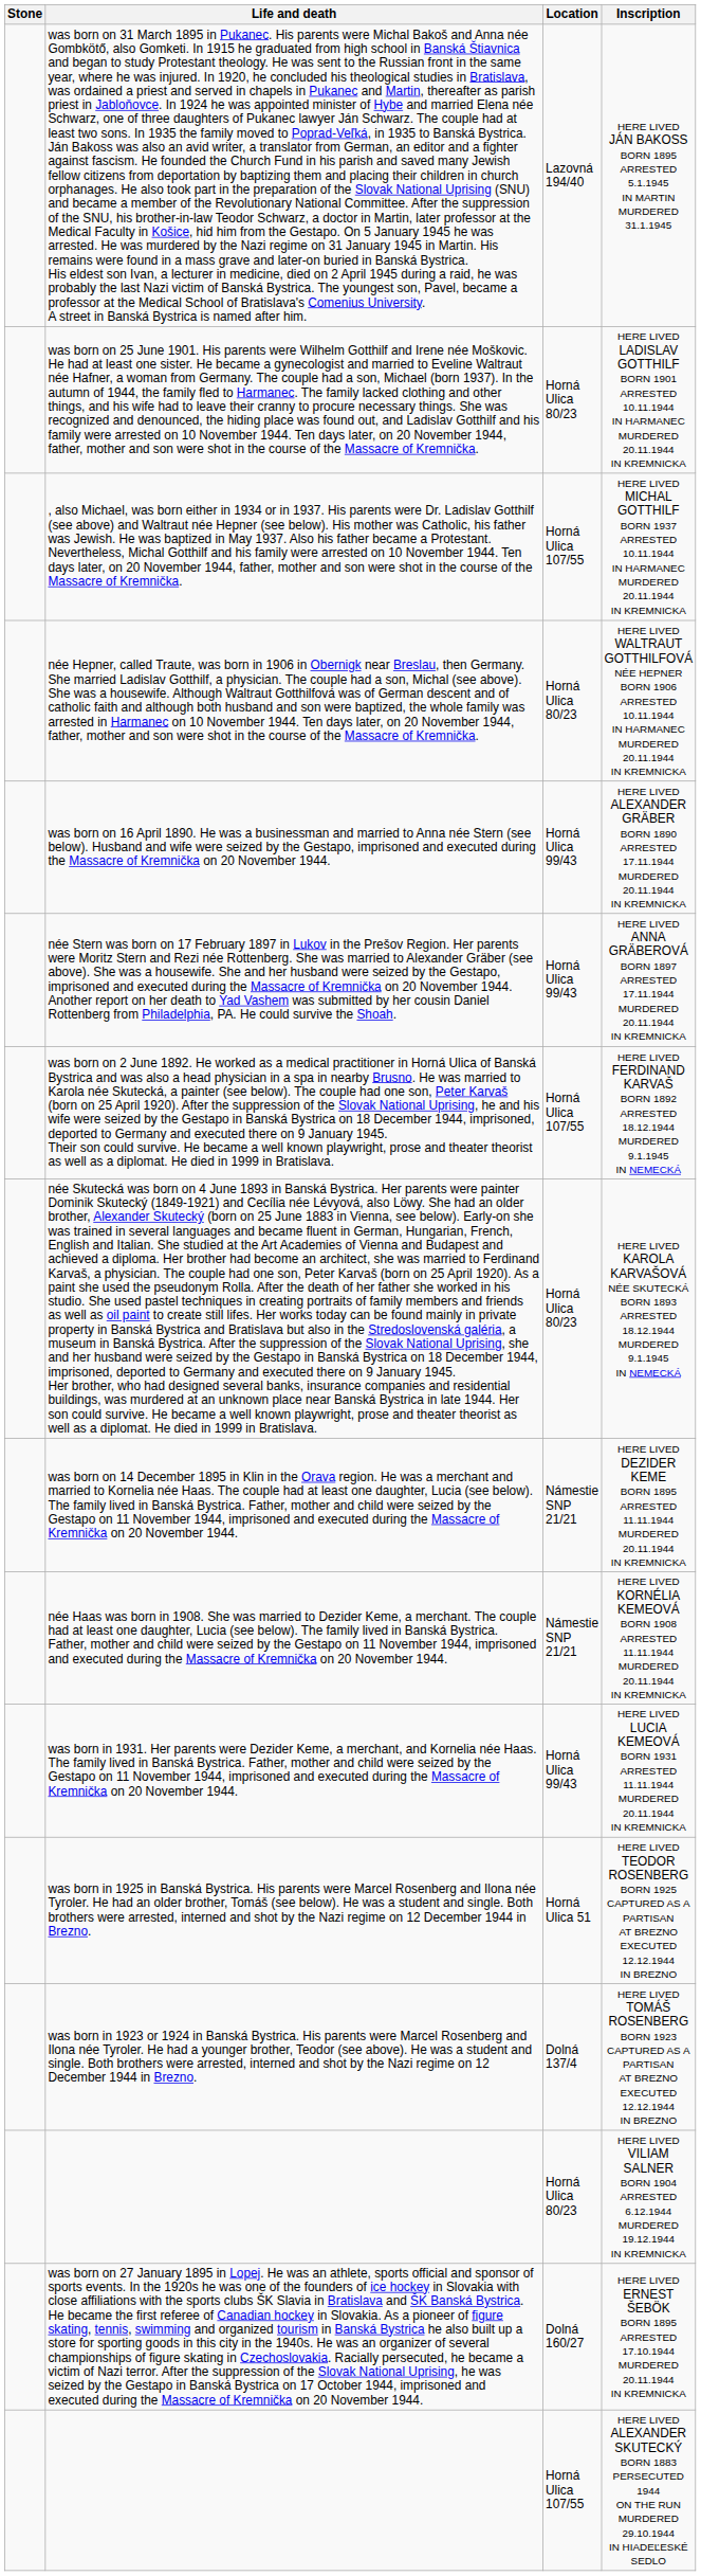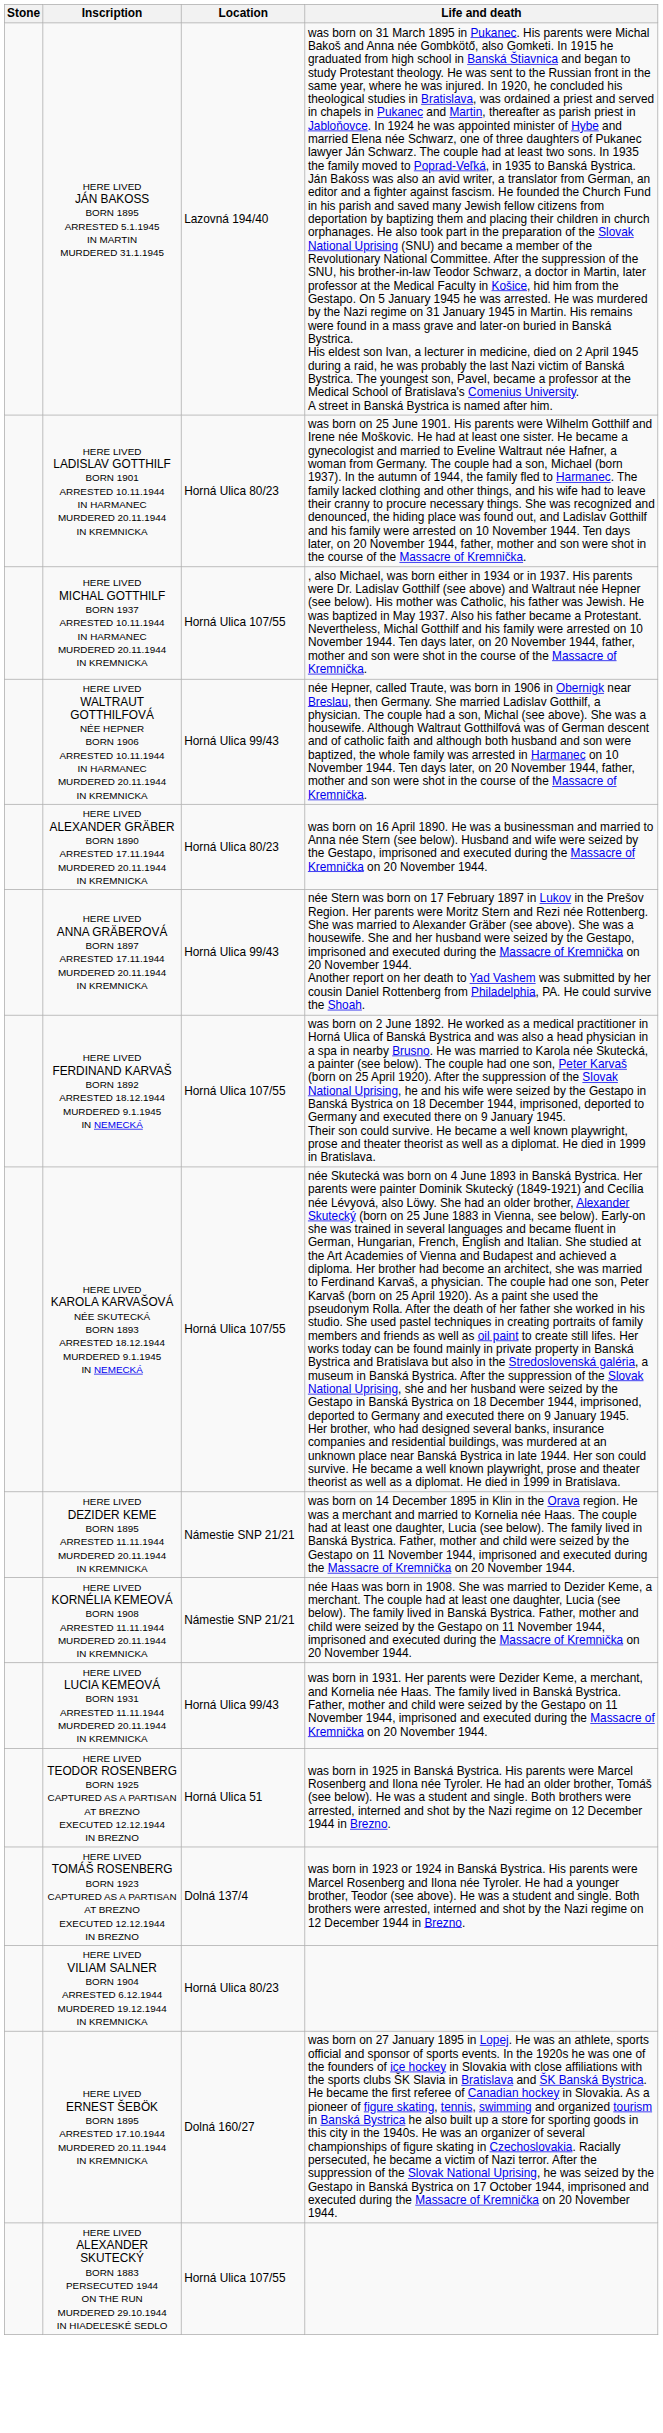 <table class="wikitable sortable toptextcells" style="width:100%">
 <tr>
 <th class="hintergrundfarbe6 unsortable" width="120px">Stone</th>
+<th class="hintergrundfarbe6 unsortable" style ="width:22%;">Inscription</th>
+<th class="hintergrundfarbe6" data-sort-type="text" style ="width:20%;">Location</th>
 <th class="hintergrundfarbe6" style="width:100%;">Life and death</th>
-<th class="hintergrundfarbe6" data-sort-type="text" style ="width:20%;">Location</th>
-<th class="hintergrundfarbe6 unsortable" style ="width:22%;">Inscription</th>
 </tr>
 <tr>
 <td></td>
+<td style="text-align:center"><div><small>HERE LIVED</small><br>JÁN BAKOSS<br><small>BORN 1895<br>ARRESTED 5.1.1945<br>IN  MARTIN<br>MURDERED 31.1.1945</small></div></td>
+<td>Lazovná 194/40</td>
 <td><strong></strong> was born on 31 March 1895 in <a href='#'>Pukanec</a>. His parents were Michal Bakoš and Anna née Gombkötő, also Gomketi. In 1915 he graduated from high school in <a href='#'>Banská Štiavnica</a> and began to study Protestant theology. He was sent to the Russian front in the same year, where he was injured. In 1920, he concluded his theological studies in <a href='#'>Bratislava</a>, was ordained a priest and served in chapels in <a href='#'>Pukanec</a> and <a href='#'>Martin</a>, thereafter as parish priest in <a href='#'>Jabloňovce</a>. In 1924 he was appointed minister of <a href='#'>Hybe</a> and married Elena née Schwarz, one of three daughters of Pukanec lawyer Ján Schwarz. The couple had at least two sons. In 1935 the family moved to <a href='#'>Poprad-Veľká</a>, in 1935 to Banská Bystrica. Ján Bakoss was also an avid writer, a translator from German, an editor and a fighter against fascism. He founded the Church Fund in his parish and saved many Jewish fellow citizens from deportation by baptizing them and placing their children in church orphanages. He also took part in the preparation of the <a href='#'>Slovak National Uprising</a> (SNU) and became a member of the Revolutionary National Committee. After the suppression of the SNU, his brother-in-law Teodor Schwarz, a doctor in Martin, later professor at the Medical Faculty in <a href='#'>Košice</a>, hid him from the Gestapo. On 5 January 1945 he was arrested. He was murdered by the Nazi regime on 31 January 1945 in Martin. His remains were found in a mass grave and later-on buried in Banská Bystrica.<br>His eldest son Ivan, a lecturer in medicine, died on 2 April 1945 during a raid, he was probably the last Nazi victim of Banská Bystrica. The youngest son, Pavel, became a professor at the Medical School of Bratislava's <a href='#'>Comenius University</a>.<br>A street in Banská Bystrica is named after him.</td>
-<td>Lazovná 194/40</td>
-<td style="text-align:center"><div><small>HERE LIVED</small><br>JÁN BAKOSS<br><small>BORN 1895<br>ARRESTED 5.1.1945<br>IN  MARTIN<br>MURDERED 31.1.1945</small></div></td>
 </tr>
 <tr>
 <td></td>
+<td style="text-align:center"><div><small>HERE LIVED</small><br>LADISLAV GOTTHILF<br><small>BORN 1901<br>ARRESTED 10.11.1944<br>IN HARMANEC<br>MURDERED 20.11.1944<br>IN KREMNICKA</small></div></td>
+<td>Horná Ulica 80/23</td>
 <td><strong></strong> was born on 25 June 1901. His parents were Wilhelm Gotthilf and Irene née Moškovic. He had at least one sister. He became a gynecologist and married to Eveline Waltraut née Hafner, a woman from Germany. The couple had a son, Michael (born 1937). In the autumn of 1944, the family fled to <a href='#'>Harmanec</a>. The family lacked clothing and other things, and his wife had to leave their cranny to procure necessary things. She was recognized and denounced, the hiding place was found out, and Ladislav Gotthilf and his family were arrested on 10 November 1944. Ten days later, on 20 November 1944, father, mother and son were shot in the course of the <a href='#'>Massacre of Kremnička</a>.</td>
-<td>Horná Ulica 80/23</td>
-<td style="text-align:center"><div><small>HERE LIVED</small><br>LADISLAV GOTTHILF<br><small>BORN 1901<br>ARRESTED 10.11.1944<br>IN HARMANEC<br>MURDERED 20.11.1944<br>IN KREMNICKA</small></div></td>
 </tr>
 <tr>
 <td></td>
+<td style="text-align:center"><div><small>HERE LIVED</small><br>MICHAL GOTTHILF<br><small>BORN 1937<br>ARRESTED 10.11.1944<br>IN HARMANEC<br>MURDERED 20.11.1944<br>IN KREMNICKA</small></div></td>
+<td>Horná Ulica 107/55</td>
 <td><strong></strong>, also Michael, was born either in 1934 or in 1937. His parents were Dr. Ladislav Gotthilf (see above) and Waltraut née Hepner (see below). His mother was Catholic, his father was Jewish. He was baptized in May 1937. Also his father became a Protestant. Nevertheless, Michal Gotthilf and his family were arrested on 10 November 1944. Ten days later, on 20 November 1944, father, mother and son were shot in the course of the <a href='#'>Massacre of Kremnička</a>.</td>
-<td>Horná Ulica 107/55</td>
-<td style="text-align:center"><div><small>HERE LIVED</small><br>MICHAL GOTTHILF<br><small>BORN 1937<br>ARRESTED 10.11.1944<br>IN HARMANEC<br>MURDERED 20.11.1944<br>IN KREMNICKA</small></div></td>
 </tr>
 <tr>
 <td></td>
+<td style="text-align:center"><div><small>HERE LIVED</small><br>WALTRAUT<br>GOTTHILFOVÁ<br><small>NÉE HEPNER<br>BORN 1906<br>ARRESTED 10.11.1944<br>IN HARMANEC<br>MURDERED 20.11.1944<br>IN KREMNICKA</small></div></td>
+<td>Horná Ulica 99/43</td>
 <td><strong></strong> née Hepner, called Traute, was born in 1906 in <a href='#'>Obernigk</a> near <a href='#'>Breslau</a>, then Germany. She married Ladislav Gotthilf, a physician. The couple had a son, Michal (see above). She was a housewife. Although Waltraut Gotthilfová was of German descent and of catholic faith and although both husband and son were baptized, the whole family was arrested in <a href='#'>Harmanec</a> on 10 November 1944. Ten days later, on 20 November 1944, father, mother and son were shot in the course of the <a href='#'>Massacre of Kremnička</a>.</td>
-<td>Horná Ulica 80/23</td>
-<td style="text-align:center"><div><small>HERE LIVED</small><br>WALTRAUT<br>GOTTHILFOVÁ<br><small>NÉE HEPNER<br>BORN 1906<br>ARRESTED 10.11.1944<br>IN HARMANEC<br>MURDERED 20.11.1944<br>IN KREMNICKA</small></div></td>
 </tr>
 <tr>
 <td></td>
+<td style="text-align:center"><div><small>HERE LIVED</small><br>ALEXANDER GRÄBER<br><small>BORN 1890<br>ARRESTED 17.11.1944<br>MURDERED 20.11.1944<br>IN KREMNICKA</small></div></td>
+<td>Horná Ulica 80/23</td>
 <td><strong></strong> was born on 16 April 1890. He was a businessman and married to Anna née Stern (see below). Husband and wife were seized by the Gestapo, imprisoned and executed during the <a href='#'>Massacre of Kremnička</a> on 20 November 1944.</td>
-<td>Horná Ulica 99/43</td>
-<td style="text-align:center"><div><small>HERE LIVED</small><br>ALEXANDER GRÄBER<br><small>BORN 1890<br>ARRESTED 17.11.1944<br>MURDERED 20.11.1944<br>IN KREMNICKA</small></div></td>
 </tr>
 <tr>
 <td></td>
+<td style="text-align:center"><div><small>HERE LIVED</small><br>ANNA GRÄBEROVÁ<br><small>BORN 1897<br>ARRESTED 17.11.1944<br>MURDERED 20.11.1944<br>IN KREMNICKA</small></div></td>
+<td>Horná Ulica 99/43</td>
 <td><strong></strong> née Stern was born on 17 February 1897 in <a href='#'>Lukov</a> in the Prešov Region. Her parents were Moritz Stern and Rezi née Rottenberg. She was married to Alexander Gräber (see above). She was a housewife. She and her husband were seized by the Gestapo, imprisoned and executed during the <a href='#'>Massacre of Kremnička</a> on 20 November 1944.<br>Another report on her death to <a href='#'>Yad Vashem</a> was submitted by her cousin Daniel Rottenberg from <a href='#'>Philadelphia</a>, PA. He could survive the <a href='#'>Shoah</a>.</td>
-<td>Horná Ulica 99/43</td>
-<td style="text-align:center"><div><small>HERE LIVED</small><br>ANNA GRÄBEROVÁ<br><small>BORN 1897<br>ARRESTED 17.11.1944<br>MURDERED 20.11.1944<br>IN KREMNICKA</small></div></td>
 </tr>
 <tr>
 <td></td>
+<td style="text-align:center"><div><small>HERE LIVED</small><br>FERDINAND KARVAŠ<br><small>BORN 1892<br>ARRESTED 18.12.1944<br>MURDERED 9.1.1945<br>IN <a href='#'>NEMECKÁ</a></small></div></td>
+<td>Horná Ulica 107/55</td>
 <td><strong></strong> was born on 2 June 1892. He worked as a medical practitioner in Horná Ulica of Banská Bystrica and was also a head physician in a spa in nearby <a href='#'>Brusno</a>. He was married to Karola née Skutecká, a painter (see below). The couple had one son, <a href='#'>Peter Karvaš</a> (born on 25 April 1920). After the suppression of the <a href='#'>Slovak National Uprising</a>, he and his wife were seized by the Gestapo in Banská Bystrica on 18 December 1944, imprisoned, deported to Germany and executed there on 9 January 1945.<br>Their son could survive. He became a well known playwright, prose and theater theorist as well as a diplomat. He died in 1999 in Bratislava.</td>
-<td>Horná Ulica 107/55</td>
-<td style="text-align:center"><div><small>HERE LIVED</small><br>FERDINAND KARVAŠ<br><small>BORN 1892<br>ARRESTED 18.12.1944<br>MURDERED 9.1.1945<br>IN <a href='#'>NEMECKÁ</a></small></div></td>
 </tr>
 <tr>
 <td></td>
+<td style="text-align:center"><div><small>HERE LIVED</small><br>KAROLA KARVAŠOVÁ<br><small>NÉE SKUTECKÁ<br>BORN 1893<br>ARRESTED 18.12.1944<br>MURDERED 9.1.1945<br>IN <a href='#'>NEMECKÁ</a></small></div></td>
+<td>Horná Ulica 107/55</td>
 <td> <strong></strong> née Skutecká was born on 4 June 1893 in Banská Bystrica. Her parents were painter Dominik Skutecký (1849-1921) and Cecília née Lévyová, also Löwy. She had an older brother, <a href='#'>Alexander Skutecký</a> (born on 25 June 1883 in Vienna, see below). Early-on she was trained in several languages and became fluent in German, Hungarian, French, English and Italian. She studied at the Art Academies of Vienna and Budapest and achieved a diploma. Her brother had become an architect, she was married to Ferdinand Karvaš, a physician. The couple had one son, Peter Karvaš (born on 25 April 1920). As a paint she used the pseudonym Rolla. After the death of her father she worked in his studio. She used pastel techniques in creating portraits of family members and friends as well as <a href='#'>oil paint</a> to create still lifes. Her works today can be found mainly in private property in Banská Bystrica and Bratislava but also in the <a href='#'>Stredoslovenská galéria</a>, a museum in Banská Bystrica. After the suppression of the <a href='#'>Slovak National Uprising</a>, she and her husband were seized by the Gestapo in Banská Bystrica on 18 December 1944, imprisoned, deported to Germany and executed there on 9 January 1945.<br>Her brother, who had designed several banks, insurance companies and residential buildings, was murdered at an unknown place near Banská Bystrica in late 1944. Her son could survive. He became a well known playwright, prose and theater theorist as well as a diplomat. He died in 1999 in Bratislava.</td>
-<td>Horná Ulica 80/23</td>
-<td style="text-align:center"><div><small>HERE LIVED</small><br>KAROLA KARVAŠOVÁ<br><small>NÉE SKUTECKÁ<br>BORN 1893<br>ARRESTED 18.12.1944<br>MURDERED 9.1.1945<br>IN <a href='#'>NEMECKÁ</a></small></div></td>
 </tr>
 <tr>
 <td></td>
+<td style="text-align:center"><div><small>HERE LIVED</small><br>DEZIDER KEME<br><small>BORN 1895<br>ARRESTED 11.11.1944<br>MURDERED 20.11.1944<br>IN KREMNICKA</small></div></td>
+<td>Námestie SNP 21/21</td>
 <td><strong></strong> was born on 14 December 1895 in Klin in the <a href='#'>Orava</a> region. He was a merchant and married to Kornelia née Haas. The couple had at least one daughter, Lucia (see below). The family lived in Banská Bystrica. Father, mother and child were seized by the Gestapo on 11 November 1944, imprisoned and executed during the <a href='#'>Massacre of Kremnička</a> on 20 November 1944.</td>
-<td>Námestie SNP 21/21</td>
-<td style="text-align:center"><div><small>HERE LIVED</small><br>DEZIDER KEME<br><small>BORN 1895<br>ARRESTED 11.11.1944<br>MURDERED 20.11.1944<br>IN KREMNICKA</small></div></td>
 </tr>
 <tr>
 <td></td>
+<td style="text-align:center"><div><small>HERE LIVED</small><br>KORNÉLIA KEMEOVÁ<br><small>BORN 1908<br>ARRESTED 11.11.1944<br>MURDERED 20.11.1944<br>IN KREMNICKA</small></div></td>
+<td>Námestie SNP 21/21</td>
 <td><strong></strong> née Haas was born in 1908. She was married to Dezider Keme, a merchant. The couple had at least one daughter, Lucia (see below). The family lived in Banská Bystrica. Father, mother and child were seized by the Gestapo on 11 November 1944, imprisoned and executed during the <a href='#'>Massacre of Kremnička</a> on 20 November 1944.</td>
-<td>Námestie SNP 21/21</td>
-<td style="text-align:center"><div><small>HERE LIVED</small><br>KORNÉLIA KEMEOVÁ<br><small>BORN 1908<br>ARRESTED 11.11.1944<br>MURDERED 20.11.1944<br>IN KREMNICKA</small></div></td>
 </tr>
 <tr>
 <td></td>
+<td style="text-align:center"><div><small>HERE LIVED</small><br>LUCIA KEMEOVÁ<br><small>BORN 1931<br>ARRESTED 11.11.1944<br>MURDERED 20.11.1944<br>IN KREMNICKA</small></div></td>
+<td>Horná Ulica 99/43</td>
 <td><strong></strong> was born in 1931. Her parents were Dezider Keme, a merchant, and Kornelia née Haas. The family lived in Banská Bystrica. Father, mother and child were seized by the Gestapo on 11 November 1944, imprisoned and executed during the <a href='#'>Massacre of Kremnička</a> on 20 November 1944.</td>
-<td>Horná Ulica 99/43</td>
-<td style="text-align:center"><div><small>HERE LIVED</small><br>LUCIA KEMEOVÁ<br><small>BORN 1931<br>ARRESTED 11.11.1944<br>MURDERED 20.11.1944<br>IN KREMNICKA</small></div></td>
 </tr>
 <tr>
 <td></td>
+<td style="text-align:center"><div><small>HERE LIVED</small><br>TEODOR ROSENBERG<br><small>BORN 1925<br>CAPTURED AS A PARTISAN<br>AT BREZNO<br>EXECUTED 12.12.1944<br>IN BREZNO</small></div></td>
+<td>Horná Ulica 51</td>
 <td><strong></strong> was born in 1925 in Banská Bystrica. His parents were Marcel Rosenberg and Ilona née Tyroler. He had an older brother, Tomáš (see below). He was a student and single. Both brothers were arrested, interned and shot by the Nazi regime on 12 December 1944 in <a href='#'>Brezno</a>.</td>
-<td>Horná Ulica 51</td>
-<td style="text-align:center"><div><small>HERE LIVED</small><br>TEODOR ROSENBERG<br><small>BORN 1925<br>CAPTURED AS A PARTISAN<br>AT BREZNO<br>EXECUTED 12.12.1944<br>IN BREZNO</small></div></td>
 </tr>
 <tr>
 <td></td>
+<td style="text-align:center"><div><small>HERE LIVED</small><br>TOMÁŠ ROSENBERG<br><small>BORN 1923<br>CAPTURED AS A PARTISAN<br>AT BREZNO<br>EXECUTED 12.12.1944<br>IN BREZNO</small></div></td>
+<td>Dolná 137/4</td>
 <td><strong></strong> was born in 1923 or 1924 in Banská Bystrica. His parents were Marcel Rosenberg and Ilona née Tyroler. He had a younger brother, Teodor (see above). He was a student and single. Both brothers were arrested, interned and shot by the Nazi regime on 12 December 1944 in <a href='#'>Brezno</a>.</td>
-<td>Dolná 137/4</td>
-<td style="text-align:center"><div><small>HERE LIVED</small><br>TOMÁŠ ROSENBERG<br><small>BORN 1923<br>CAPTURED AS A PARTISAN<br>AT BREZNO<br>EXECUTED 12.12.1944<br>IN BREZNO</small></div></td>
 </tr>
 <tr>
 <td></td>
+<td style="text-align:center"><div><small>HERE LIVED</small><br>VILIAM SALNER<br><small>BORN 1904<br>ARRESTED 6.12.1944<br>MURDERED 19.12.1944<br>IN KREMNICKA</small></div></td>
+<td>Horná Ulica 80/23</td>
 <td><strong></strong></td>
-<td>Horná Ulica 80/23</td>
-<td style="text-align:center"><div><small>HERE LIVED</small><br>VILIAM SALNER<br><small>BORN 1904<br>ARRESTED 6.12.1944<br>MURDERED 19.12.1944<br>IN KREMNICKA</small></div></td>
 </tr>
 <tr>
 <td></td>
+<td style="text-align:center"><div><small>HERE LIVED</small><br>ERNEST ŠEBÖK<br><small>BORN 1895<br>ARRESTED 17.10.1944<br>MURDERED 20.11.1944<br>IN KREMNICKA</small></div></td>
+<td>Dolná 160/27</td>
 <td><strong></strong> was born on 27 January 1895 in <a href='#'>Lopej</a>. He was an athlete, sports official and sponsor of sports events. In the 1920s he was one of the founders of <a href='#'>ice hockey</a> in Slovakia with close affiliations with the sports clubs ŠK Slavia in <a href='#'>Bratislava</a> and <a href='#'>ŠK Banská Bystrica</a>. He became the first referee of <a href='#'>Canadian hockey</a> in Slovakia. As a pioneer of <a href='#'>figure skating</a>, <a href='#'>tennis</a>, <a href='#'>swimming</a> and organized <a href='#'>tourism</a> in <a href='#'>Banská Bystrica</a> he also built up a store for sporting goods in this city in the 1940s. He was an organizer of several championships of figure skating in <a href='#'>Czechoslovakia</a>. Racially persecuted, he became a victim of Nazi terror. After the suppression of the <a href='#'>Slovak National Uprising</a>, he was seized by the Gestapo in Banská Bystrica on 17 October 1944, imprisoned and executed during the <a href='#'>Massacre of Kremnička</a> on 20 November 1944.</td>
-<td>Dolná 160/27</td>
-<td style="text-align:center"><div><small>HERE LIVED</small><br>ERNEST ŠEBÖK<br><small>BORN 1895<br>ARRESTED 17.10.1944<br>MURDERED 20.11.1944<br>IN KREMNICKA</small></div></td>
 </tr>
 <tr>
 <td></td>
+<td style="text-align:center"><div><small>HERE LIVED</small><br>ALEXANDER<br>SKUTECKÝ<br><small>BORN 1883<br>PERSECUTED 1944<br>ON THE RUN<br>MURDERED 29.10.1944<br>IN HIADEĽESKÉ SEDLO</small></div></td>
+<td>Horná Ulica 107/55</td>
 <td><strong></strong></td>
-<td>Horná Ulica 107/55</td>
-<td style="text-align:center"><div><small>HERE LIVED</small><br>ALEXANDER<br>SKUTECKÝ<br><small>BORN 1883<br>PERSECUTED 1944<br>ON THE RUN<br>MURDERED 29.10.1944<br>IN HIADEĽESKÉ SEDLO</small></div></td>
 </tr>
 </table>
